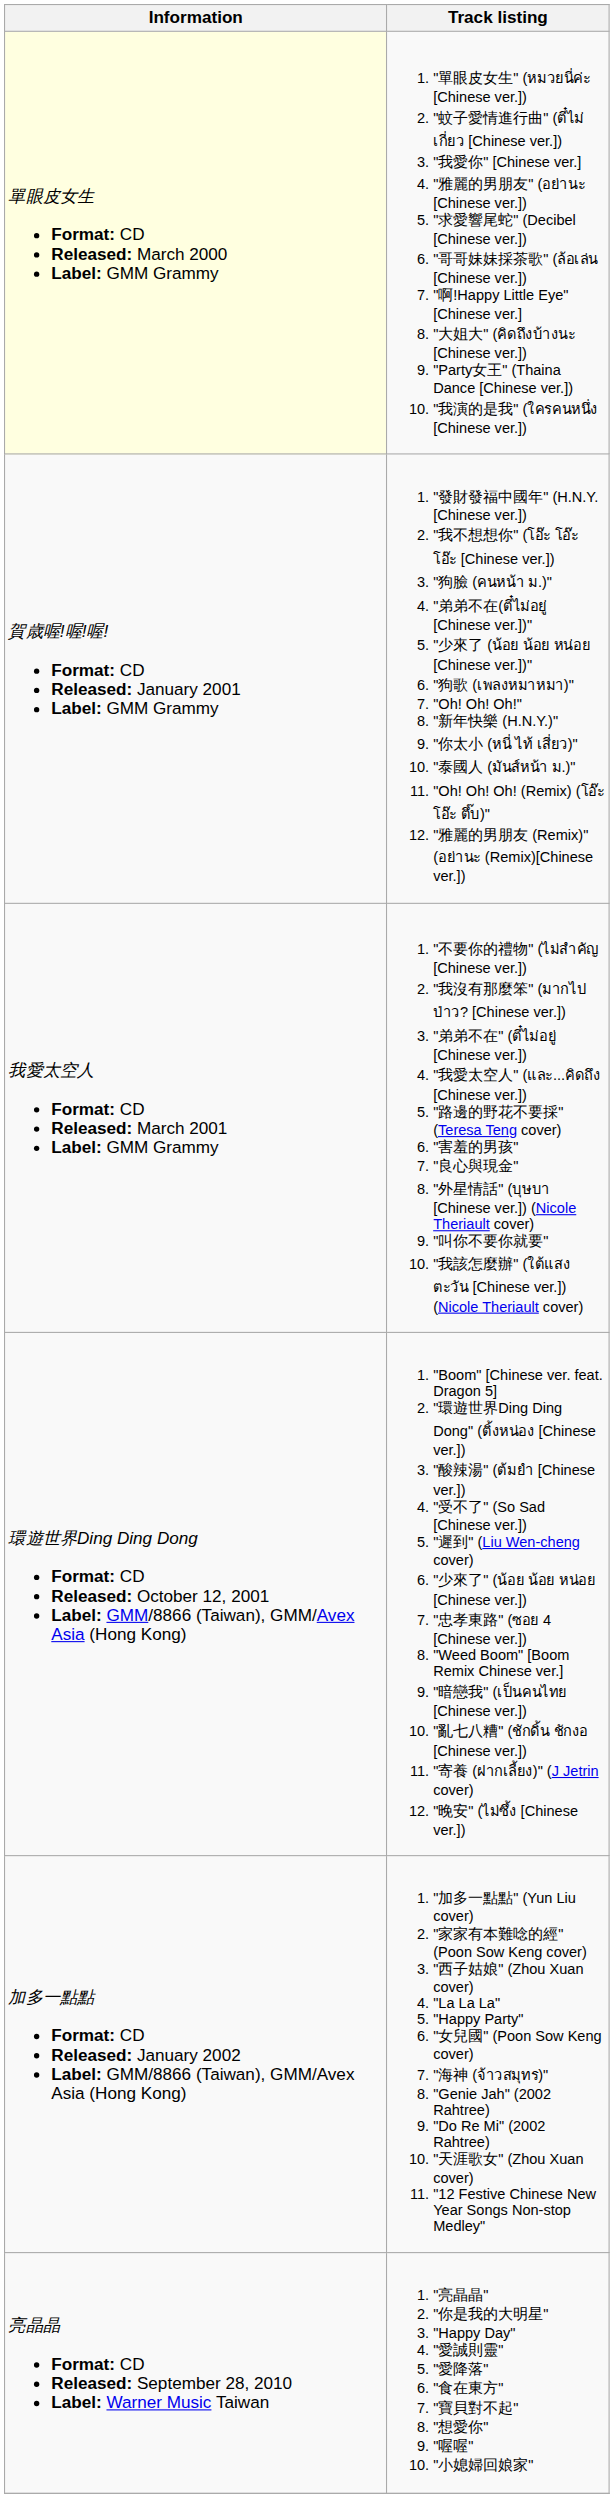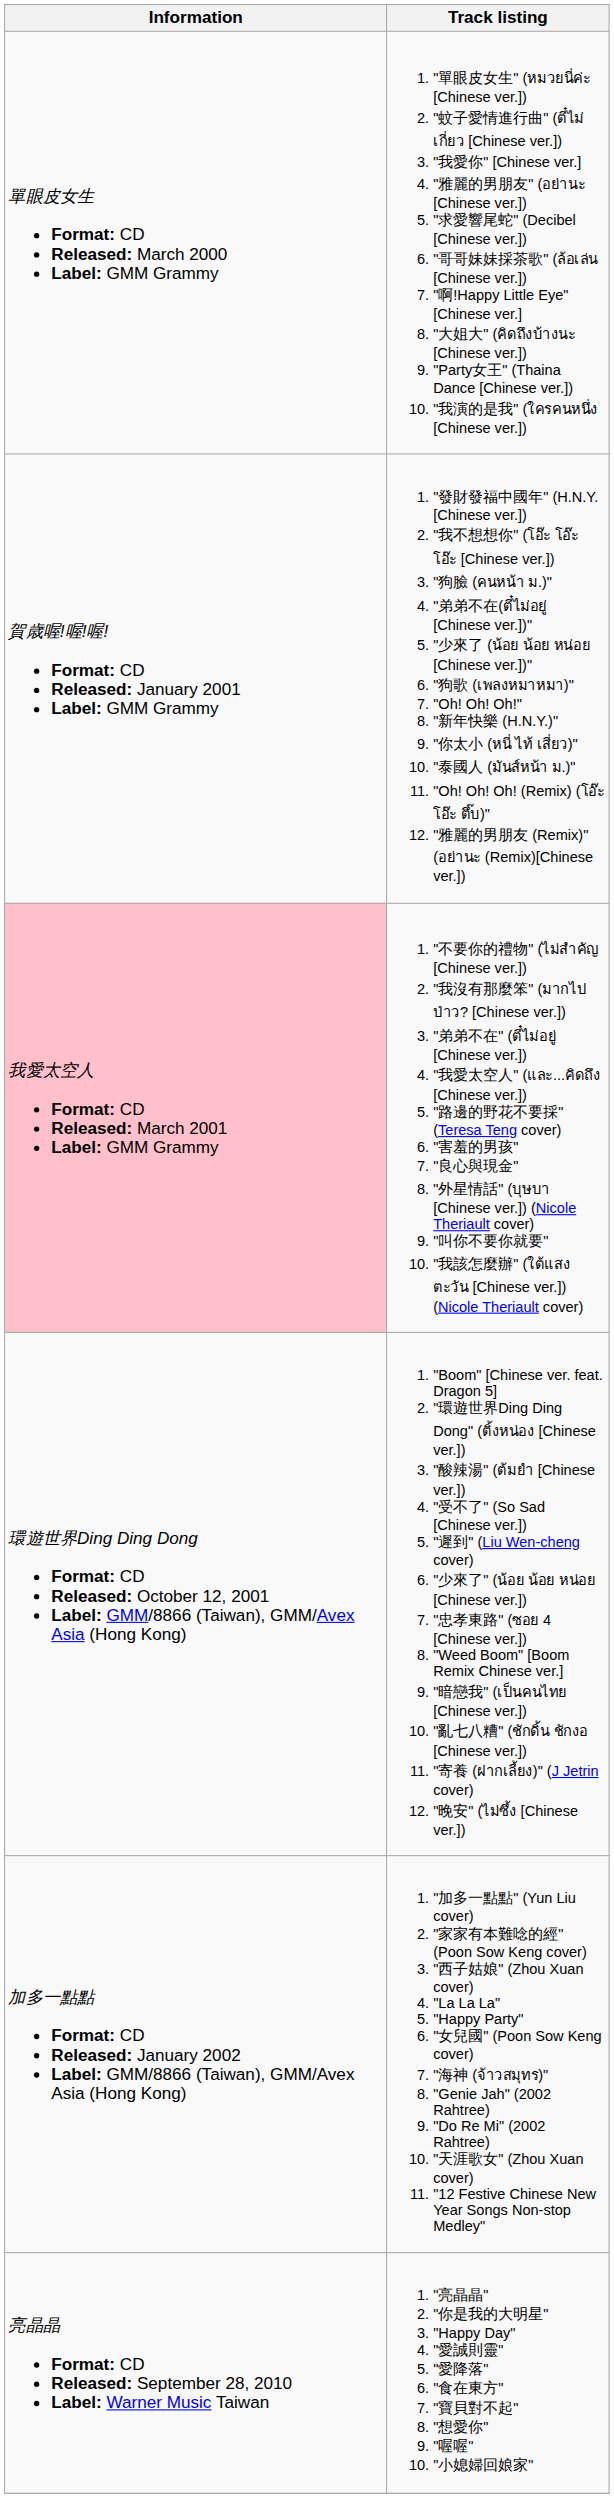 <table class="wikitable">
 <tr>
 <th align="left" width="350px">Information</th>
 <th align="left" width="200px">Track listing</th>
 </tr>
 <tr>
-<td align="left" style="background: lightyellow;"><em>單眼皮女生</em><br><ul><li><strong>Format:</strong> CD</li><li><strong>Released:</strong> March 2000</li><li><strong>Label:</strong> GMM Grammy</li></ul></td>
+<td align="left"><em>單眼皮女生</em><br><ul><li><strong>Format:</strong> CD</li><li><strong>Released:</strong> March 2000</li><li><strong>Label:</strong> GMM Grammy</li></ul></td>
 <td align="left" style="font-size: 85%;"><br><ol><li>"單眼皮女生" (หมวยนี่ค่ะ [Chinese ver.])</li><li>"蚊子愛情進行曲" (ตี๋ไม่เกี่ยว [Chinese ver.])</li><li>"我愛你" [Chinese ver.]</li><li>"雅麗的男朋友" (อย่านะ [Chinese ver.])</li><li>"求愛響尾蛇" (Decibel [Chinese ver.])</li><li>"哥哥妹妹採茶歌" (ล้อเล่น [Chinese ver.])</li><li>"啊!Happy Little Eye" [Chinese ver.]</li><li>"大姐大" (คิดถึงบ้างนะ [Chinese ver.])</li><li>"Party女王" (Thaina Dance [Chinese ver.])</li><li>"我演的是我" (ใครคนหนึ่ง [Chinese ver.])</li></ol></td>
 </tr>
 <tr>
 <td align="left"><em>賀歳喔!喔!喔!</em><br><ul><li><strong>Format:</strong> CD</li><li><strong>Released:</strong> January 2001</li><li><strong>Label:</strong> GMM Grammy</li></ul></td>
 <td align="left" style="font-size: 85%;"><br><ol><li>"發財發福中國年" (H.N.Y. [Chinese ver.])</li><li>"我不想想你" (โอ๊ะ โอ๊ะ โอ๊ะ [Chinese ver.])</li><li>"狗臉 (คนหน้า ม.)"</li><li>"弟弟不在(ตี๋ไม่อยู่ [Chinese ver.])"</li><li>"少來了 (น้อย น้อย หน่อย [Chinese ver.])"</li><li>"狗歌 (เพลงหมาหมา)"</li><li>"Oh! Oh! Oh!"</li><li>"新年快樂 (H.N.Y.)"</li><li>"你太小 (หนี่ ไท้ เสี่ยว)"</li><li>"泰國人 (มันส์หน้า ม.)"</li><li>"Oh! Oh! Oh! (Remix) (โอ๊ะ โอ๊ะ ตึ๊บ)"</li><li>"雅麗的男朋友 (Remix)" (อย่านะ (Remix)[Chinese ver.])</li></ol></td>
 </tr>
 <tr>
-<td align="left"><em>我愛太空人</em><br><ul><li><strong>Format:</strong> CD</li><li><strong>Released:</strong> March 2001</li><li><strong>Label:</strong> GMM Grammy</li></ul></td>
+<td align="left" style="background: pink;"><em>我愛太空人</em><br><ul><li><strong>Format:</strong> CD</li><li><strong>Released:</strong> March 2001</li><li><strong>Label:</strong> GMM Grammy</li></ul></td>
 <td align="left" style="font-size: 85%;"><br><ol><li>"不要你的禮物" (ไม่สำคัญ [Chinese ver.])</li><li>"我沒有那麼笨" (มากไป ป่าว? [Chinese ver.])</li><li>"弟弟不在" (ตี๋ไม่อยู่ [Chinese ver.])</li><li>"我愛太空人" (และ...คิดถึง [Chinese ver.])</li><li>"路邊的野花不要採" (<a href='#'>Teresa Teng</a> cover)</li><li>"害羞的男孩"</li><li>"良心與現金"</li><li>"外星情話" (บุษบา [Chinese ver.]) (<a href='#'>Nicole Theriault</a> cover)</li><li>"叫你不要你就要"</li><li>"我該怎麼辦" (ใต้แสงตะวัน [Chinese ver.]) (<a href='#'>Nicole Theriault</a> cover)</li></ol></td>
 </tr>
 <tr>
 <td align="left"><em>環遊世界Ding Ding Dong</em><br><ul><li><strong>Format:</strong> CD</li><li><strong>Released:</strong> October 12, 2001</li><li><strong>Label:</strong> <a href='#'>GMM</a>/8866 (Taiwan), GMM/<a href='#'>Avex Asia</a> (Hong Kong)</li></ul></td>
 <td align="left" style="font-size: 85%;"><br><ol><li>"Boom" [Chinese ver. feat. Dragon 5]</li><li>"環遊世界Ding Ding Dong" (ติ้งหน่อง [Chinese ver.])</li><li>"酸辣湯" (ต้มยำ [Chinese ver.])</li><li>"受不了" (So Sad [Chinese ver.])</li><li>"遲到" (<a href='#'>Liu Wen-cheng</a> cover)</li><li>"少來了" (น้อย น้อย หน่อย [Chinese ver.])</li><li>"忠孝東路" (ซอย 4 [Chinese ver.])</li><li>"Weed Boom" [Boom Remix Chinese ver.]</li><li>"暗戀我" (เป็นคนไทย [Chinese ver.])</li><li>"亂七八糟" (ชักดิ้น ชักงอ [Chinese ver.])</li><li>"寄養 (ฝากเลี้ยง)" (<a href='#'>J Jetrin</a> cover)</li><li>"晚安" (ไม่ซึ้ง [Chinese ver.])</li></ol></td>
 </tr>
 <tr>
 <td align="left"><em>加多一點點</em><br><ul><li><strong>Format:</strong> CD</li><li><strong>Released:</strong> January 2002</li><li><strong>Label:</strong> GMM/8866 (Taiwan), GMM/Avex Asia (Hong Kong)</li></ul></td>
 <td align="left" style="font-size: 85%;"><br><ol><li>"加多一點點" (Yun Liu cover)</li><li>"家家有本難唸的經" (Poon Sow Keng cover)</li><li>"西子姑娘" (Zhou Xuan cover)</li><li>"La La La"</li><li>"Happy Party"</li><li>"女兒國" (Poon Sow Keng cover)</li><li>"海神 (จ้าวสมุทร)"</li><li>"Genie Jah" (2002 Rahtree)</li><li>"Do Re Mi" (2002 Rahtree)</li><li>"天涯歌女" (Zhou Xuan cover)</li><li>"12 Festive Chinese New Year Songs Non-stop Medley"</li></ol></td>
 </tr>
 <tr>
 <td align="left"><em>亮晶晶</em><br><ul><li><strong>Format:</strong> CD</li><li><strong>Released:</strong> September 28, 2010</li><li><strong>Label:</strong> <a href='#'>Warner Music</a> Taiwan</li></ul></td>
 <td align="left" style="font-size: 85%;"><br><ol><li>"亮晶晶"</li><li>"你是我的大明星"</li><li>"Happy Day"</li><li>"愛誠則靈"</li><li>"愛降落"</li><li>"食在東方"</li><li>"寶貝對不起"</li><li>"想愛你"</li><li>"喔喔"</li><li>"小媳婦回娘家"</li></ol></td>
 </tr>
 <tr>
 </tr>
 </table>
